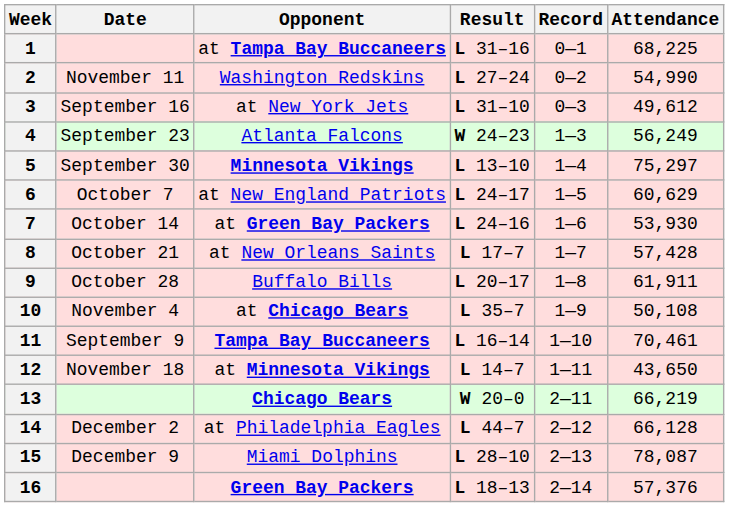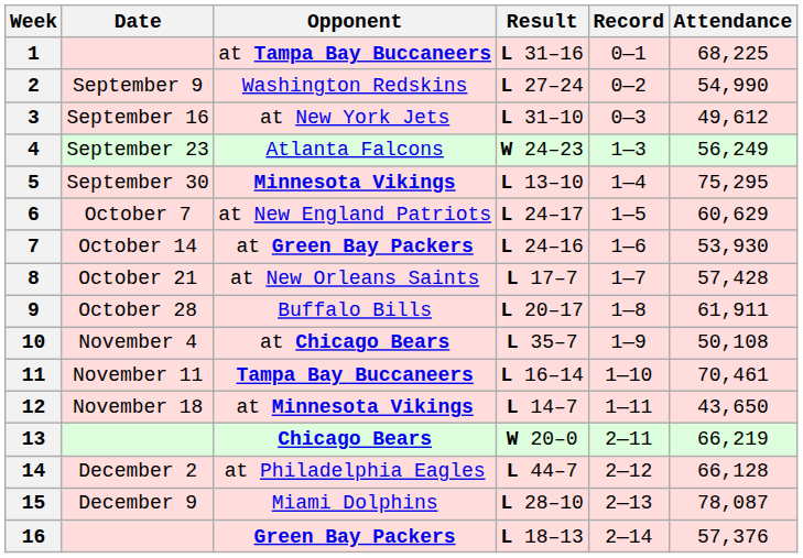 <table class="wikitable" style="text-align:center">
 <tr>
 <th>Week</th>
 <th>Date</th>
 <th>Opponent</th>
 <th>Result</th>
 <th>Record</th>
 <th>Attendance</th>
 </tr>
 <tr style="background: #ffdddd;">
 <th>1</th>
 <td></td>
 <td>at <strong><a href='#'>Tampa Bay Buccaneers</a></strong></td>
 <td><strong>L</strong> 31–16</td>
 <td>0—1</td>
 <td>68,225</td>
 </tr>
 <tr style="background: #ffdddd;">
 <th>2</th>
-<td>November 11</td>
+<td>September 9</td>
 <td><a href='#'>Washington Redskins</a></td>
 <td><strong>L</strong> 27–24</td>
 <td>0—2</td>
 <td>54,990</td>
 </tr>
 <tr style="background: #ffdddd;">
 <th>3</th>
 <td>September 16</td>
 <td>at <a href='#'>New York Jets</a></td>
 <td><strong>L</strong> 31–10</td>
 <td>0—3</td>
 <td>49,612</td>
 </tr>
 <tr style="background: #ddffdd;">
 <th>4</th>
 <td>September 23</td>
 <td><a href='#'>Atlanta Falcons</a></td>
 <td><strong>W</strong> 24–23</td>
 <td>1—3</td>
 <td>56,249</td>
 </tr>
 <tr style="background: #ffdddd;">
 <th>5</th>
 <td>September 30</td>
 <td><strong><a href='#'>Minnesota Vikings</a></strong></td>
 <td><strong>L</strong> 13–10</td>
 <td>1—4</td>
-<td>75,297</td>
+<td>75,295</td>
 </tr>
 <tr style="background: #ffdddd;">
 <th>6</th>
 <td>October 7</td>
 <td>at <a href='#'>New England Patriots</a></td>
 <td><strong>L</strong> 24–17</td>
 <td>1—5</td>
 <td>60,629</td>
 </tr>
 <tr style="background: #ffdddd;">
 <th>7</th>
 <td>October 14</td>
 <td>at <strong><a href='#'>Green Bay Packers</a></strong></td>
 <td><strong>L</strong> 24–16</td>
 <td>1—6</td>
 <td>53,930</td>
 </tr>
 <tr style="background: #ffdddd;">
 <th>8</th>
 <td>October 21</td>
 <td>at <a href='#'>New Orleans Saints</a></td>
 <td><strong>L</strong> 17–7</td>
 <td>1—7</td>
 <td>57,428</td>
 </tr>
 <tr style="background: #ffdddd;">
 <th>9</th>
 <td>October 28</td>
 <td><a href='#'>Buffalo Bills</a></td>
 <td><strong>L</strong> 20–17</td>
 <td>1—8</td>
 <td>61,911</td>
 </tr>
 <tr style="background: #ffdddd;">
 <th>10</th>
 <td>November 4</td>
 <td>at <strong><a href='#'>Chicago Bears</a></strong></td>
 <td><strong>L</strong> 35–7</td>
 <td>1—9</td>
 <td>50,108</td>
 </tr>
 <tr style="background: #ffdddd;">
 <th>11</th>
-<td>September 9</td>
+<td>November 11</td>
 <td><strong><a href='#'>Tampa Bay Buccaneers</a></strong></td>
 <td><strong>L</strong> 16–14</td>
 <td>1—10</td>
 <td>70,461</td>
 </tr>
 <tr style="background: #ffdddd;">
 <th>12</th>
 <td>November 18</td>
 <td>at <strong><a href='#'>Minnesota Vikings</a></strong></td>
 <td><strong>L</strong> 14–7</td>
 <td>1—11</td>
 <td>43,650</td>
 </tr>
 <tr style="background: #ddffdd;">
 <th>13</th>
 <td></td>
 <td><strong><a href='#'>Chicago Bears</a></strong></td>
 <td><strong>W</strong> 20–0</td>
 <td>2—11</td>
 <td>66,219</td>
 </tr>
 <tr style="background: #ffdddd;">
 <th>14</th>
 <td>December 2</td>
 <td>at <a href='#'>Philadelphia Eagles</a></td>
 <td><strong>L</strong> 44–7</td>
 <td>2—12</td>
 <td>66,128</td>
 </tr>
 <tr style="background: #ffdddd;">
 <th>15</th>
 <td>December 9</td>
 <td><a href='#'>Miami Dolphins</a></td>
 <td><strong>L</strong> 28–10</td>
 <td>2—13</td>
 <td>78,087</td>
 </tr>
 <tr style="background: #ffdddd;">
 <th>16</th>
 <td></td>
 <td><strong><a href='#'>Green Bay Packers</a></strong></td>
 <td><strong>L</strong> 18–13</td>
 <td>2—14</td>
 <td>57,376</td>
 </tr>
 </table>
